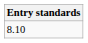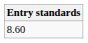 <table class="wikitable" border="1" align="upright">
 <tr>
 <th>Entry standards</th>
 </tr>
 <tr>
-<td>8.10</td>
+<td>8.60</td>
 </tr>
 </table>
